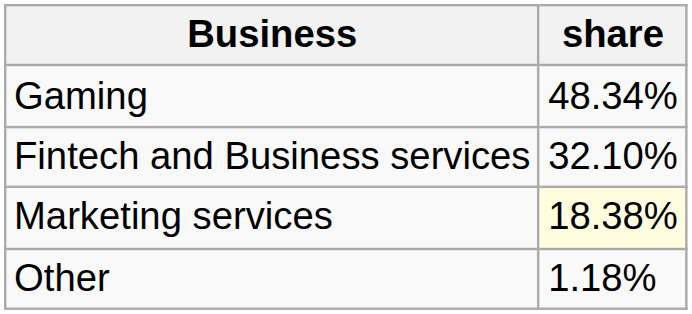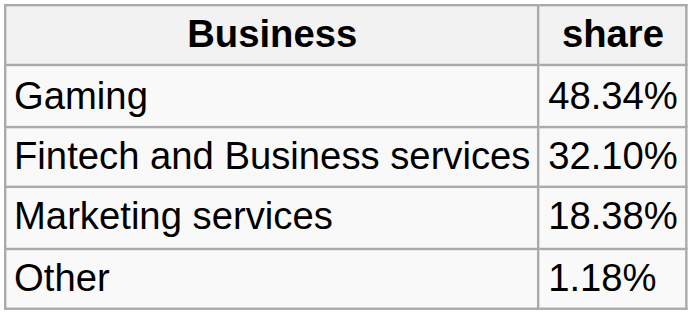 <table class="wikitable floatright">
 <tr>
 <th>Business</th>
 <th>share</th>
 </tr>
 <tr>
 <td>Gaming</td>
 <td>48.34%</td>
 </tr>
 <tr>
 <td>Fintech and Business services</td>
 <td>32.10%</td>
 </tr>
 <tr>
 <td>Marketing services</td>
-<td style="background: lightyellow;">18.38%</td>
+<td>18.38%</td>
 </tr>
 <tr>
 <td>Other</td>
 <td>1.18%</td>
 </tr>
 </table>
